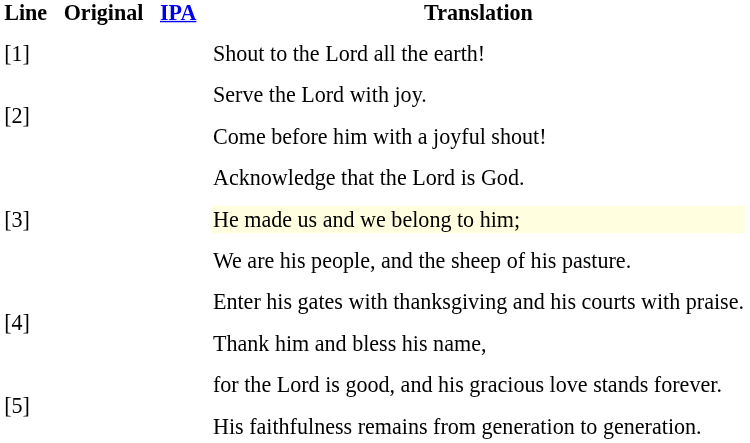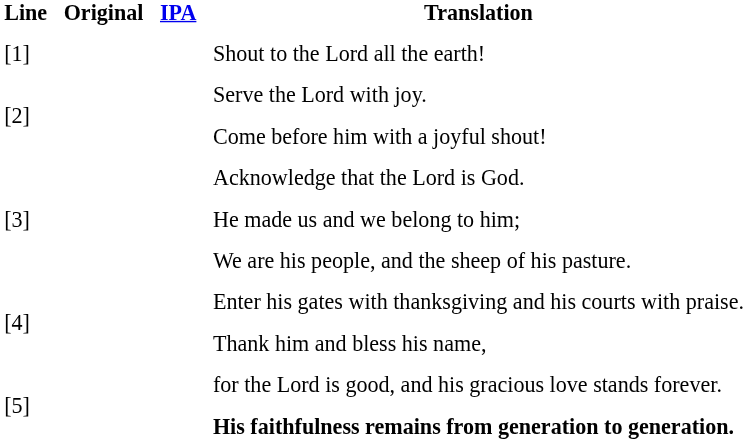 <table style="white-space: wrap;" cellspacing="10">
 <tr>
 <th>Line</th>
 <th>Original</th>
 <th><a href='#'>IPA</a></th>
 <th>Translation</th>
 </tr>
 <tr>
 <td rowspan="2">[1]</td>
 <td></td>
 <td></td>
 <td rowspan="2">Shout to the Lord all the earth!</td>
 </tr>
 <tr>
 <td></td>
 <td></td>
 </tr>
 <tr>
 <td rowspan="2">[2]</td>
 <td></td>
 <td></td>
 <td>Serve the Lord with joy.</td>
 </tr>
 <tr>
 <td></td>
 <td></td>
 <td>Come before him with a joyful shout!</td>
 </tr>
 <tr>
 <td rowspan="3">[3]</td>
 <td></td>
 <td></td>
 <td>Acknowledge that the Lord is God.</td>
 </tr>
 <tr>
 <td></td>
 <td></td>
-<td style="background: lightyellow;">He made us and we belong to him;</td>
+<td>He made us and we belong to him;</td>
 </tr>
 <tr>
 <td></td>
 <td></td>
 <td>We are his people, and the sheep of his pasture.</td>
 </tr>
 <tr>
 <td rowspan="3">[4]</td>
 <td></td>
 <td></td>
 <td>Enter his gates with thanksgiving and his courts with praise.</td>
 </tr>
 <tr>
 <td></td>
 <td></td>
 <td rowspan="2">Thank him and bless his name,</td>
 </tr>
 <tr>
 <td></td>
 <td></td>
 </tr>
 <tr>
 <td rowspan="2">[5]</td>
 <td></td>
 <td></td>
 <td>for the Lord is good, and his gracious love stands forever.</td>
 </tr>
 <tr>
 <td></td>
 <td></td>
-<td>His faithfulness remains from generation to generation.</td>
+<td><strong>His faithfulness remains from generation to generation.</strong></td>
 </tr>
 </table>
